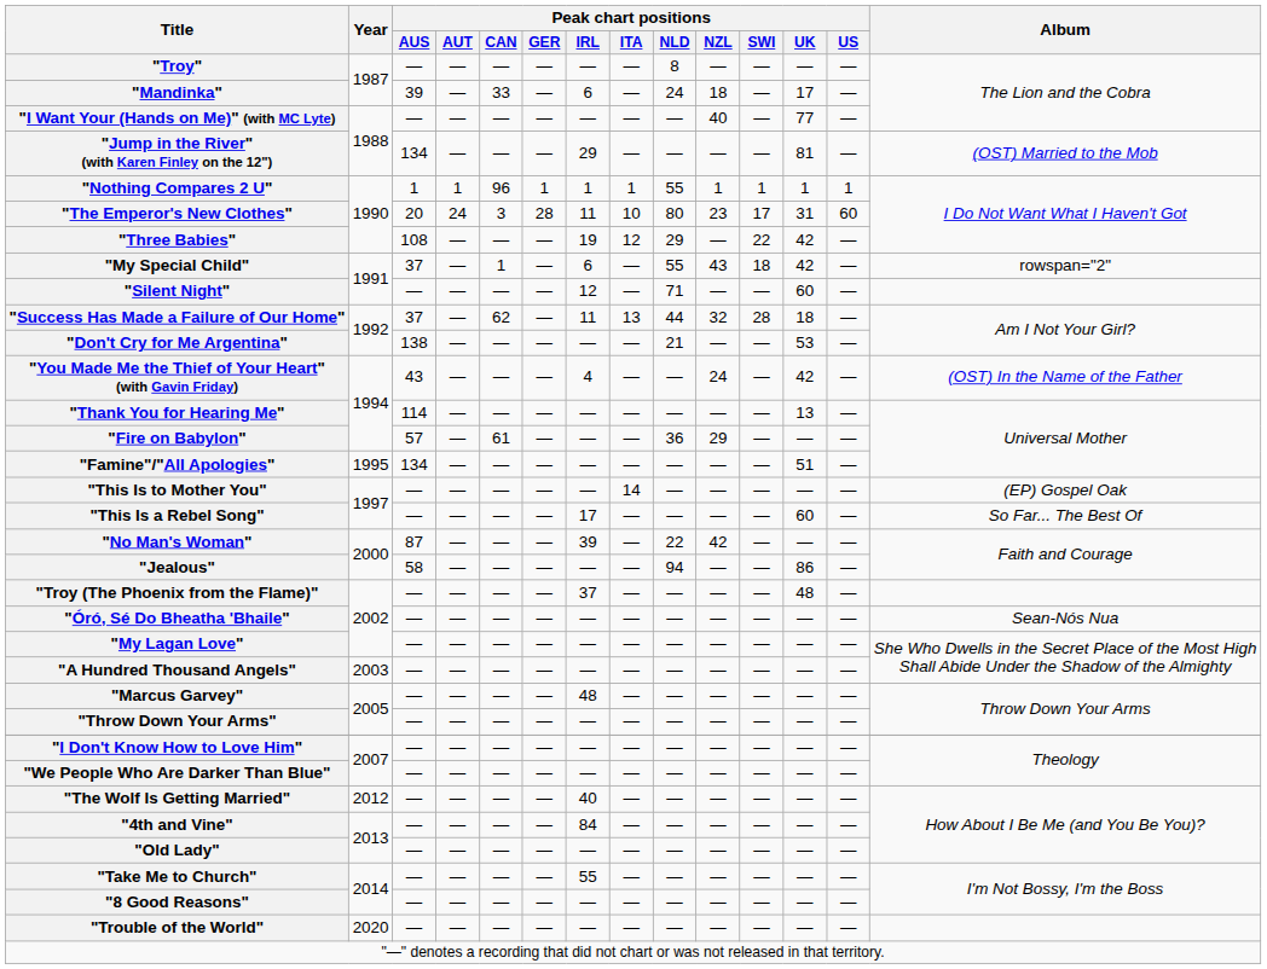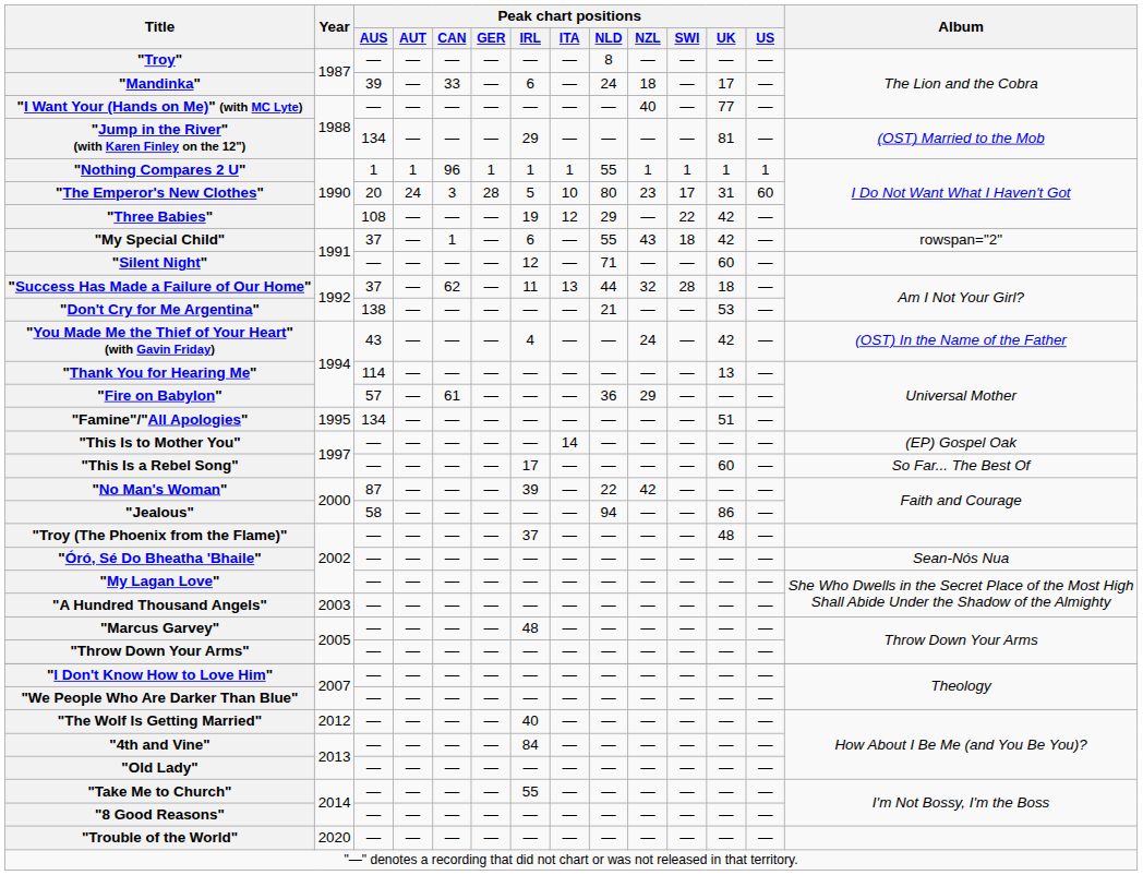 <table class="wikitable plainrowheaders" style="text-align:center;" border="1">
 <tr>
 <th scope="col" rowspan="2">Title</th>
 <th scope="col" rowspan="2" style="width:2.2em;">Year</th>
 <th scope="col" colspan="11">Peak chart positions</th>
 <th scope="col" rowspan="2">Album</th>
 </tr>
 <tr>
 <th scope="col" style="width:2.5em;font-size:90%;"><a href='#'>AUS</a><br></th>
 <th scope="col" style="width:2.5em;font-size:90%;"><a href='#'>AUT</a><br></th>
 <th scope="col" style="width:2.5em;font-size:90%;"><a href='#'>CAN</a><br></th>
 <th scope="col" style="width:2.5em;font-size:90%;"><a href='#'>GER</a><br></th>
 <th scope="col" style="width:2.5em;font-size:90%;"><a href='#'>IRL</a><br></th>
 <th scope="col" style="width:2.5em;font-size:90%;"><a href='#'>ITA</a><br></th>
 <th scope="col" style="width:2.5em;font-size:90%;"><a href='#'>NLD</a><br></th>
 <th scope="col" style="width:2.5em;font-size:90%;"><a href='#'>NZL</a><br></th>
 <th scope="col" style="width:2.5em;font-size:90%;"><a href='#'>SWI</a><br></th>
 <th scope="col" style="width:2.5em;font-size:90%;"><a href='#'>UK</a><br></th>
 <th scope="col" style="width:2.5em;font-size:90%;"><a href='#'>US</a><br></th>
 </tr>
 <tr>
 <th scope="row">"<a href='#'>Troy</a>"</th>
 <td rowspan="2">1987</td>
 <td>—</td>
 <td>—</td>
 <td>—</td>
 <td>—</td>
 <td>—</td>
 <td>—</td>
 <td>8</td>
 <td>—</td>
 <td>—</td>
 <td>—</td>
 <td>—</td>
 <td rowspan="3"><em>The Lion and the Cobra</em></td>
 </tr>
 <tr>
 <th scope="row">"<a href='#'>Mandinka</a>"</th>
 <td>39</td>
 <td>—</td>
 <td>33</td>
 <td>—</td>
 <td>6</td>
 <td>—</td>
 <td>24</td>
 <td>18</td>
 <td>—</td>
 <td>17</td>
 <td>—</td>
 </tr>
 <tr>
 <th scope="row">"<a href='#'>I Want Your (Hands on Me)</a>" <small>(with <a href='#'>MC Lyte</a>)</small></th>
 <td rowspan="2">1988</td>
 <td>—</td>
 <td>—</td>
 <td>—</td>
 <td>—</td>
 <td>—</td>
 <td>—</td>
 <td>—</td>
 <td>40</td>
 <td>—</td>
 <td>77</td>
 <td>—</td>
 </tr>
 <tr>
 <th scope="row">"<a href='#'>Jump in the River</a>"<br><small>(with <a href='#'>Karen Finley</a> on the 12")</small></th>
 <td>134</td>
 <td>—</td>
 <td>—</td>
 <td>—</td>
 <td>29</td>
 <td>—</td>
 <td>—</td>
 <td>—</td>
 <td>—</td>
 <td>81</td>
 <td>—</td>
 <td rowspan="1"><em><a href='#'>(OST) Married to the Mob</a></em></td>
 </tr>
 <tr>
 <th scope="row">"<a href='#'>Nothing Compares 2 U</a>"</th>
 <td rowspan="3">1990</td>
 <td>1</td>
 <td>1</td>
 <td>96</td>
 <td>1</td>
 <td>1</td>
 <td>1</td>
 <td>55</td>
 <td>1</td>
 <td>1</td>
 <td>1</td>
 <td>1</td>
 <td rowspan="3"><em><a href='#'>I Do Not Want What I Haven't Got</a></em></td>
 </tr>
 <tr>
 <th scope="row">"<a href='#'>The Emperor's New Clothes</a>"</th>
 <td>20</td>
 <td>24</td>
 <td>3</td>
 <td>28</td>
-<td>11</td>
+<td>5</td>
 <td>10</td>
 <td>80</td>
 <td>23</td>
 <td>17</td>
 <td>31</td>
 <td>60</td>
 </tr>
 <tr>
 <th scope="row">"<a href='#'>Three Babies</a>"</th>
 <td>108</td>
 <td>—</td>
 <td>—</td>
 <td>—</td>
 <td>19</td>
 <td>12</td>
 <td>29</td>
 <td>—</td>
 <td>22</td>
 <td>42</td>
 <td>—</td>
 </tr>
 <tr>
 <th scope="row">"My Special Child"</th>
 <td rowspan="2">1991</td>
 <td>37</td>
 <td>—</td>
 <td>1</td>
 <td>—</td>
 <td>6</td>
 <td>—</td>
 <td>55</td>
 <td>43</td>
 <td>18</td>
 <td>42</td>
 <td>—</td>
 <td>rowspan="2" </td>
 </tr>
 <tr>
 <th scope="row">"<a href='#'>Silent Night</a>"</th>
 <td>—</td>
 <td>—</td>
 <td>—</td>
 <td>—</td>
 <td>12</td>
 <td>—</td>
 <td>71</td>
 <td>—</td>
 <td>—</td>
 <td>60</td>
 <td>—</td>
 </tr>
 <tr>
 <th scope="row">"<a href='#'>Success Has Made a Failure of Our Home</a>"</th>
 <td rowspan="2">1992</td>
 <td>37</td>
 <td>—</td>
 <td>62</td>
 <td>—</td>
 <td>11</td>
 <td>13</td>
 <td>44</td>
 <td>32</td>
 <td>28</td>
 <td>18</td>
 <td>—</td>
 <td rowspan="2"><em>Am I Not Your Girl?</em></td>
 </tr>
 <tr>
 <th scope="row">"<a href='#'>Don't Cry for Me Argentina</a>"</th>
 <td>138</td>
 <td>—</td>
 <td>—</td>
 <td>—</td>
 <td>—</td>
 <td>—</td>
 <td>21</td>
 <td>—</td>
 <td>—</td>
 <td>53</td>
 <td>—</td>
 </tr>
 <tr>
 <th scope="row">"<a href='#'>You Made Me the Thief of Your Heart</a>"<br><small>(with <a href='#'>Gavin Friday</a>)</small></th>
 <td rowspan="3">1994</td>
 <td>43</td>
 <td>—</td>
 <td>—</td>
 <td>—</td>
 <td>4</td>
 <td>—</td>
 <td>—</td>
 <td>24</td>
 <td>—</td>
 <td>42</td>
 <td>—</td>
 <td><em><a href='#'>(OST) In the Name of the Father</a></em></td>
 </tr>
 <tr>
 <th scope="row">"<a href='#'>Thank You for Hearing Me</a>"</th>
 <td>114</td>
 <td>—</td>
 <td>—</td>
 <td>—</td>
 <td>—</td>
 <td>—</td>
 <td>—</td>
 <td>—</td>
 <td>—</td>
 <td>13</td>
 <td>—</td>
 <td rowspan="3"><em>Universal Mother</em></td>
 </tr>
 <tr>
 <th scope="row">"<a href='#'>Fire on Babylon</a>"</th>
 <td>57</td>
 <td>—</td>
 <td>61</td>
 <td>—</td>
 <td>—</td>
 <td>—</td>
 <td>36</td>
 <td>29</td>
 <td>—</td>
 <td>—</td>
 <td>—</td>
 </tr>
 <tr>
 <th scope="row">"Famine"/"<a href='#'>All Apologies</a>"</th>
 <td>1995</td>
 <td>134</td>
 <td>—</td>
 <td>—</td>
 <td>—</td>
 <td>—</td>
 <td>—</td>
 <td>—</td>
 <td>—</td>
 <td>—</td>
 <td>51</td>
 <td>—</td>
 </tr>
 <tr>
 <th scope="row">"This Is to Mother You"</th>
 <td rowspan="2">1997</td>
 <td>—</td>
 <td>—</td>
 <td>—</td>
 <td>—</td>
 <td>—</td>
 <td>14</td>
 <td>—</td>
 <td>—</td>
 <td>—</td>
 <td>—</td>
 <td>—</td>
 <td><em>(EP) Gospel Oak</em></td>
 </tr>
 <tr>
 <th scope="row">"This Is a Rebel Song"</th>
 <td>—</td>
 <td>—</td>
 <td>—</td>
 <td>—</td>
 <td>17</td>
 <td>—</td>
 <td>—</td>
 <td>—</td>
 <td>—</td>
 <td>60</td>
 <td>—</td>
 <td><em>So Far... The Best Of</em></td>
 </tr>
 <tr>
 <th scope="row">"<a href='#'>No Man's Woman</a>"</th>
 <td rowspan="2">2000</td>
 <td>87</td>
 <td>—</td>
 <td>—</td>
 <td>—</td>
 <td>39</td>
 <td>—</td>
 <td>22</td>
 <td>42</td>
 <td>—</td>
 <td>—</td>
 <td>—</td>
 <td rowspan="2"><em>Faith and Courage</em></td>
 </tr>
 <tr>
 <th scope="row">"Jealous"</th>
 <td>58</td>
 <td>—</td>
 <td>—</td>
 <td>—</td>
 <td>—</td>
 <td>—</td>
 <td>94</td>
 <td>—</td>
 <td>—</td>
 <td>86</td>
 <td>—</td>
 </tr>
 <tr>
 <th scope="row">"Troy (The Phoenix from the Flame)"</th>
 <td rowspan="3">2002</td>
 <td>—</td>
 <td>—</td>
 <td>—</td>
 <td>—</td>
 <td>37</td>
 <td>—</td>
 <td>—</td>
 <td>—</td>
 <td>—</td>
 <td>48</td>
 <td>—</td>
 <td></td>
 </tr>
 <tr>
 <th scope="row">"<a href='#'>Óró, Sé Do Bheatha 'Bhaile</a>"</th>
 <td>—</td>
 <td>—</td>
 <td>—</td>
 <td>—</td>
 <td>—</td>
 <td>—</td>
 <td>—</td>
 <td>—</td>
 <td>—</td>
 <td>—</td>
 <td>—</td>
 <td><em>Sean-Nós Nua</em></td>
 </tr>
 <tr>
 <th scope="row">"<a href='#'>My Lagan Love</a>"</th>
 <td>—</td>
 <td>—</td>
 <td>—</td>
 <td>—</td>
 <td>—</td>
 <td>—</td>
 <td>—</td>
 <td>—</td>
 <td>—</td>
 <td>—</td>
 <td>—</td>
 <td rowspan="2"><em>She Who Dwells in the Secret Place of the Most High <br>Shall Abide Under the Shadow of the Almighty</em></td>
 </tr>
 <tr>
 <th scope="row">"A Hundred Thousand Angels"</th>
 <td>2003</td>
 <td>—</td>
 <td>—</td>
 <td>—</td>
 <td>—</td>
 <td>—</td>
 <td>—</td>
 <td>—</td>
 <td>—</td>
 <td>—</td>
 <td>—</td>
 <td>—</td>
 </tr>
 <tr>
 <th scope="row">"Marcus Garvey"</th>
 <td rowspan="2">2005</td>
 <td>—</td>
 <td>—</td>
 <td>—</td>
 <td>—</td>
 <td>48</td>
 <td>—</td>
 <td>—</td>
 <td>—</td>
 <td>—</td>
 <td>—</td>
 <td>—</td>
 <td rowspan="2"><em>Throw Down Your Arms</em></td>
 </tr>
 <tr>
 <th scope="row">"Throw Down Your Arms"</th>
 <td>—</td>
 <td>—</td>
 <td>—</td>
 <td>—</td>
 <td>—</td>
 <td>—</td>
 <td>—</td>
 <td>—</td>
 <td>—</td>
 <td>—</td>
 <td>—</td>
 </tr>
 <tr>
 </tr>
 <tr>
 <th scope="row">"<a href='#'>I Don't Know How to Love Him</a>"</th>
 <td rowspan="2">2007</td>
 <td>—</td>
 <td>—</td>
 <td>—</td>
 <td>—</td>
 <td>—</td>
 <td>—</td>
 <td>—</td>
 <td>—</td>
 <td>—</td>
 <td>—</td>
 <td>—</td>
 <td rowspan="2"><em>Theology</em></td>
 </tr>
 <tr>
 <th scope="row">"We People Who Are Darker Than Blue"</th>
 <td>—</td>
 <td>—</td>
 <td>—</td>
 <td>—</td>
 <td>—</td>
 <td>—</td>
 <td>—</td>
 <td>—</td>
 <td>—</td>
 <td>—</td>
 <td>—</td>
 </tr>
 <tr>
 <th scope="row">"The Wolf Is Getting Married"</th>
 <td>2012</td>
 <td>—</td>
 <td>—</td>
 <td>—</td>
 <td>—</td>
 <td>40</td>
 <td>—</td>
 <td>—</td>
 <td>—</td>
 <td>—</td>
 <td>—</td>
 <td>—</td>
 <td rowspan="3"><em>How About I Be Me (and You Be You)?</em></td>
 </tr>
 <tr>
 <th scope="row">"4th and Vine"</th>
 <td rowspan="2">2013</td>
 <td>—</td>
 <td>—</td>
 <td>—</td>
 <td>—</td>
 <td>84</td>
 <td>—</td>
 <td>—</td>
 <td>—</td>
 <td>—</td>
 <td>—</td>
 <td>—</td>
 </tr>
 <tr>
 <th scope="row">"Old Lady"</th>
 <td>—</td>
 <td>—</td>
 <td>—</td>
 <td>—</td>
 <td>—</td>
 <td>—</td>
 <td>—</td>
 <td>—</td>
 <td>—</td>
 <td>—</td>
 <td>—</td>
 </tr>
 <tr>
 <th scope="row">"Take Me to Church"</th>
 <td rowspan="2">2014</td>
 <td>—</td>
 <td>—</td>
 <td>—</td>
 <td>—</td>
 <td>55</td>
 <td>—</td>
 <td>—</td>
 <td>—</td>
 <td>—</td>
 <td>—</td>
 <td>—</td>
 <td rowspan="2"><em>I'm Not Bossy, I'm the Boss</em></td>
 </tr>
 <tr>
 <th scope="row">"8 Good Reasons"</th>
 <td>—</td>
 <td>—</td>
 <td>—</td>
 <td>—</td>
 <td>—</td>
 <td>—</td>
 <td>—</td>
 <td>—</td>
 <td>—</td>
 <td>—</td>
 <td>—</td>
 </tr>
 <tr>
 <th scope="row">"Trouble of the World"</th>
 <td rowspan="1">2020</td>
 <td>—</td>
 <td>—</td>
 <td>—</td>
 <td>—</td>
 <td>—</td>
 <td>—</td>
 <td>—</td>
 <td>—</td>
 <td>—</td>
 <td>—</td>
 <td>—</td>
 <td></td>
 </tr>
 <tr>
 <td colspan="14" style="font-size:90%">"—" denotes a recording that did not chart or was not released in that territory.</td>
 </tr>
 </table>
